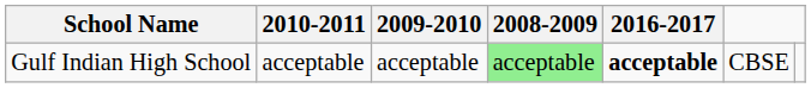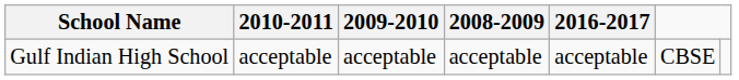 <table class="wikitable">
 <tr>
 <th>School Name</th>
 <th>2010-2011</th>
 <th>2009-2010</th>
 <th>2008-2009</th>
 <th>2016-2017</th>
 </tr>
 <tr>
 <td>Gulf Indian High School</td>
 <td>acceptable</td>
 <td>acceptable</td>
-<td style="background: lightgreen;">acceptable</td>
-<td><strong>acceptable</strong></td>
+<td>acceptable</td>
+<td>acceptable</td>
 <td>CBSE</td>
 <td></td>
 </tr>
 </table>
